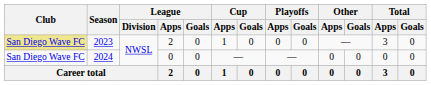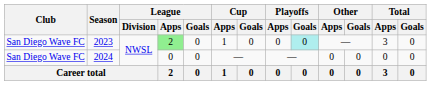 <table class="wikitable" style="text-align: center;">
 <tr>
 <th rowspan="2">Club</th>
 <th rowspan="2">Season</th>
 <th colspan="3">League</th>
 <th colspan="2">Cup</th>
 <th colspan="2">Playoffs</th>
 <th colspan="2">Other</th>
 <th colspan="2">Total</th>
 </tr>
 <tr>
 <th>Division</th>
 <th>Apps</th>
 <th>Goals</th>
 <th>Apps</th>
 <th>Goals</th>
 <th>Apps</th>
 <th>Goals</th>
 <th>Apps</th>
 <th>Goals</th>
 <th>Apps</th>
 <th>Goals</th>
 </tr>
 <tr>
-<td style="background: khaki;"><a href='#'>San Diego Wave FC</a></td>
+<td><a href='#'>San Diego Wave FC</a></td>
 <td><a href='#'>2023</a></td>
 <td rowspan="2"><a href='#'>NWSL</a></td>
-<td>2</td>
+<td style="background: lightgreen;">2</td>
 <td>0</td>
 <td>1</td>
 <td>0</td>
 <td>0</td>
-<td>0</td>
+<td style="background: paleturquoise;">0</td>
 <td colspan="2">—</td>
 <td>3</td>
 <td>0</td>
 </tr>
 <tr>
 <td><a href='#'>San Diego Wave FC</a></td>
 <td><a href='#'>2024</a></td>
 <td>0</td>
 <td>0</td>
 <td colspan="2">—</td>
 <td colspan="2">—</td>
 <td>0</td>
 <td>0</td>
 <td>0</td>
 <td>0</td>
 </tr>
 <tr>
 <th colspan="3">Career total</th>
 <th>2</th>
 <th>0</th>
 <th>1</th>
 <th>0</th>
 <th>0</th>
 <th>0</th>
 <th>0</th>
 <th>0</th>
 <th>3</th>
 <th>0</th>
 </tr>
 </table>
